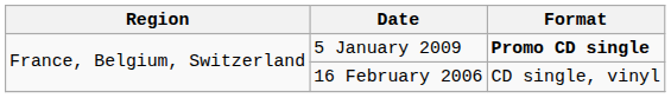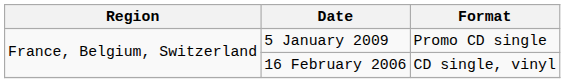 <table class="wikitable">
 <tr>
 <th>Region</th>
 <th>Date</th>
 <th>Format</th>
 </tr>
 <tr>
 <td rowspan="2">France, Belgium, Switzerland</td>
 <td>5 January 2009</td>
-<td><strong>Promo CD single</strong></td>
+<td>Promo CD single</td>
 </tr>
 <tr>
 <td>16 February 2006</td>
 <td>CD single, vinyl</td>
 </tr>
 <tr>
 </tr>
 </table>
